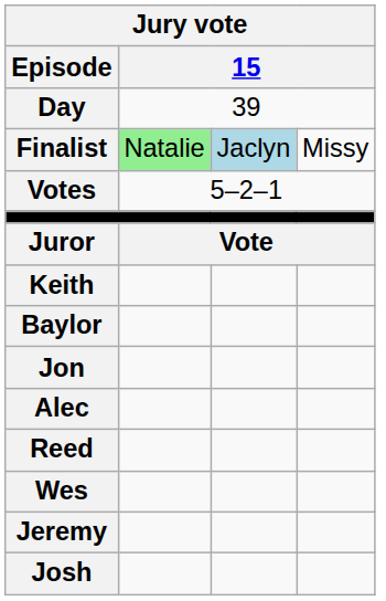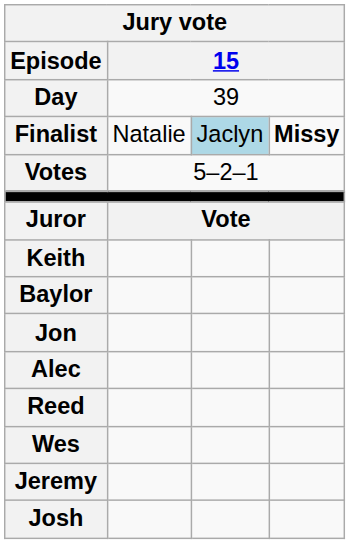 <table class="wikitable nowrap" style="text-align:center">
 <tr>
 <th colspan=4>Jury vote</th>
 </tr>
 <tr>
 <th>Episode</th>
 <th colspan=3><a href='#'>15</a></th>
 </tr>
 <tr>
 <th>Day</th>
 <td colspan=3>39</td>
 </tr>
 <tr>
 <th>Finalist</th>
-<td style="background: lightgreen;">Natalie</td>
+<td>Natalie</td>
 <td style="background: lightblue;">Jaclyn</td>
-<td>Missy</td>
+<td><strong>Missy</strong></td>
 </tr>
 <tr>
 <th>Votes</th>
 <td colspan=3>5–2–1</td>
 </tr>
 <tr>
 <td bgcolor=000000 colspan=4></td>
 </tr>
 <tr>
 <th>Juror</th>
 <th colspan=4>Vote</th>
 </tr>
 <tr>
 <th>Keith</th>
 <td></td>
 <td></td>
 <td></td>
 </tr>
 <tr>
 <th>Baylor</th>
 <td></td>
 <td></td>
 <td></td>
 </tr>
 <tr>
 <th>Jon</th>
 <td></td>
 <td></td>
 <td></td>
 </tr>
 <tr>
 <th>Alec</th>
 <td></td>
 <td></td>
 <td></td>
 </tr>
 <tr>
 <th>Reed</th>
 <td></td>
 <td></td>
 <td></td>
 </tr>
 <tr>
 <th>Wes</th>
 <td></td>
 <td></td>
 <td></td>
 </tr>
 <tr>
 <th>Jeremy</th>
 <td></td>
 <td></td>
 <td></td>
 </tr>
 <tr>
 <th>Josh</th>
 <td></td>
 <td></td>
 <td></td>
 </tr>
 </table>
